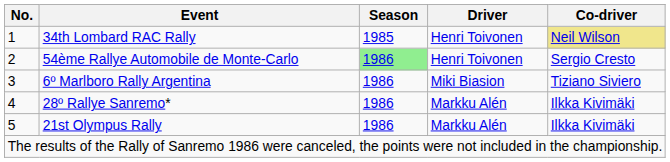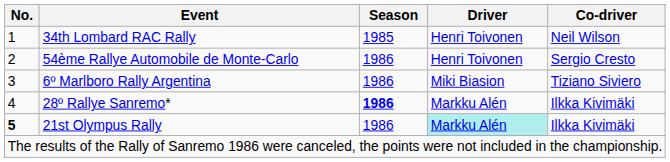 <table class="wikitable" style="font-size: 95%; ">
 <tr>
 <th>No.</th>
 <th>Event</th>
 <th>Season</th>
 <th>Driver</th>
 <th>Co-driver</th>
 </tr>
 <tr>
 <td>1</td>
 <td> <a href='#'>34th Lombard RAC Rally</a></td>
 <td><a href='#'>1985</a></td>
 <td> <a href='#'>Henri Toivonen</a></td>
-<td style="background: khaki;"> <a href='#'>Neil Wilson</a></td>
+<td> <a href='#'>Neil Wilson</a></td>
 </tr>
 <tr>
 <td>2</td>
 <td> <a href='#'>54ème Rallye Automobile de Monte-Carlo</a></td>
-<td style="background: lightgreen;"><a href='#'>1986</a></td>
+<td><a href='#'>1986</a></td>
 <td> <a href='#'>Henri Toivonen</a></td>
 <td> <a href='#'>Sergio Cresto</a></td>
 </tr>
 <tr>
 <td>3</td>
 <td> <a href='#'>6º Marlboro Rally Argentina</a></td>
 <td><a href='#'>1986</a></td>
 <td> <a href='#'>Miki Biasion</a></td>
 <td> <a href='#'>Tiziano Siviero</a></td>
 </tr>
 <tr>
 <td>4</td>
 <td> <a href='#'>28º Rallye Sanremo</a>*</td>
-<td><a href='#'>1986</a></td>
+<td><strong><a href='#'>1986</a></strong></td>
 <td> <a href='#'>Markku Alén</a></td>
 <td> <a href='#'>Ilkka Kivimäki</a></td>
 </tr>
 <tr>
-<td>5</td>
+<td><strong>5</strong></td>
 <td> <a href='#'>21st Olympus Rally</a></td>
 <td><a href='#'>1986</a></td>
-<td> <a href='#'>Markku Alén</a></td>
+<td style="background: paleturquoise;"> <a href='#'>Markku Alén</a></td>
 <td> <a href='#'>Ilkka Kivimäki</a></td>
 </tr>
 <tr>
 <td colspan=5> The results of the Rally of Sanremo 1986 were canceled, the points were not included in the championship.</td>
 </tr>
 </table>
